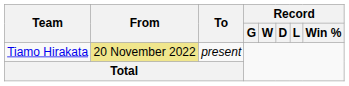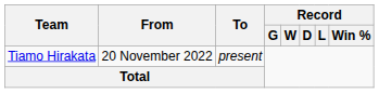 <table class="wikitable" style="text-align: left">
 <tr>
 <th rowspan="2">Team</th>
 <th rowspan="2">From</th>
 <th rowspan="2">To</th>
 <th colspan="8">Record</th>
 </tr>
 <tr>
 <th>G</th>
 <th>W</th>
 <th>D</th>
 <th>L</th>
 <th>Win %</th>
 </tr>
 <tr>
 <td><a href='#'>Tiamo Hirakata</a></td>
-<td style="background: khaki;">20 November 2022</td>
+<td>20 November 2022</td>
 <td><em>present</em><br></td>
 </tr>
 <tr>
 <th colspan="3">Total<br></th>
 </tr>
 </table>
